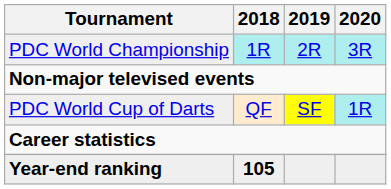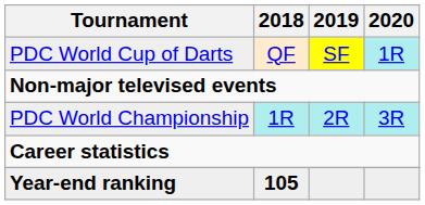 <table class="wikitable">
 <tr>
 <th>Tournament</th>
 <th>2018</th>
 <th>2019</th>
 <th>2020</th>
 </tr>
 <tr>
-<td style="background:#efefef;"><a href='#'>PDC World Championship</a></td>
+<td style="background:#efefef;"><a href='#'>PDC World Cup of Darts</a></td>
+<td style="text-align:center; background:#ffebcd;"><a href='#'>QF</a></td>
+<td style="text-align:center; background:yellow;"><a href='#'>SF</a></td>
 <td style="text-align:center; background:#afeeee;"><a href='#'>1R</a></td>
-<td style="text-align:center; background:#afeeee;"><a href='#'>2R</a></td>
-<td style="text-align:center; background:#afeeee;"><a href='#'>3R</a></td>
 </tr>
 <tr>
 <td colspan="4" align="left"><strong>Non-major televised events</strong></td>
 </tr>
 <tr>
-<td style="background:#efefef;"><a href='#'>PDC World Cup of Darts</a></td>
-<td style="text-align:center; background:#ffebcd;"><a href='#'>QF</a></td>
-<td style="text-align:center; background:yellow;"><a href='#'>SF</a></td>
+<td style="background:#efefef;"><a href='#'>PDC World Championship</a></td>
 <td style="text-align:center; background:#afeeee;"><a href='#'>1R</a></td>
+<td style="text-align:center; background:#afeeee;"><a href='#'>2R</a></td>
+<td style="text-align:center; background:#afeeee;"><a href='#'>3R</a></td>
 </tr>
 <tr>
 <td colspan="4" align="left"><strong>Career statistics</strong></td>
 </tr>
 <tr>
 </tr>
 <tr bgcolor="efefef">
 <td align="left"><strong>Year-end ranking</strong></td>
 <td style="text-align:center;"><strong>105</strong></td>
 <td style="text-align:center;"></td>
 <td style="text-align:center;"></td>
 </tr>
 </table>
